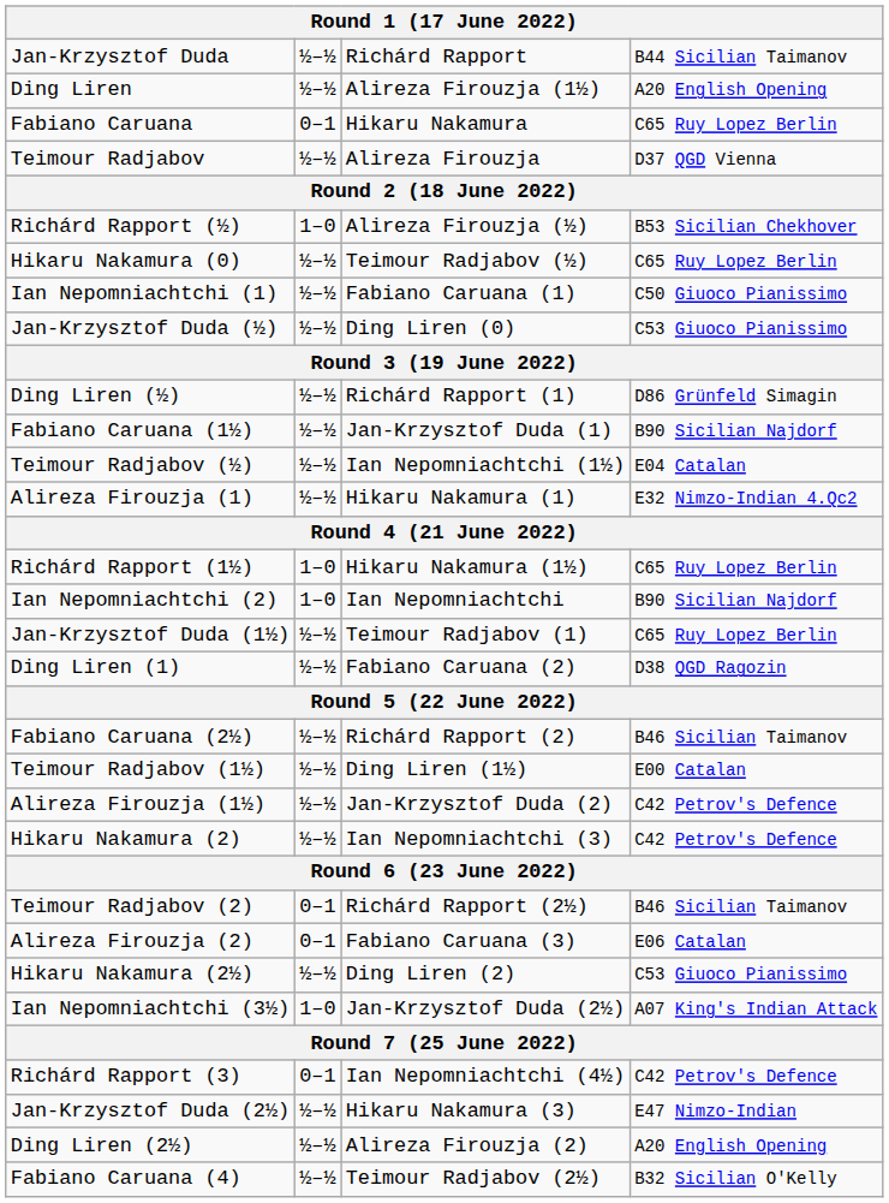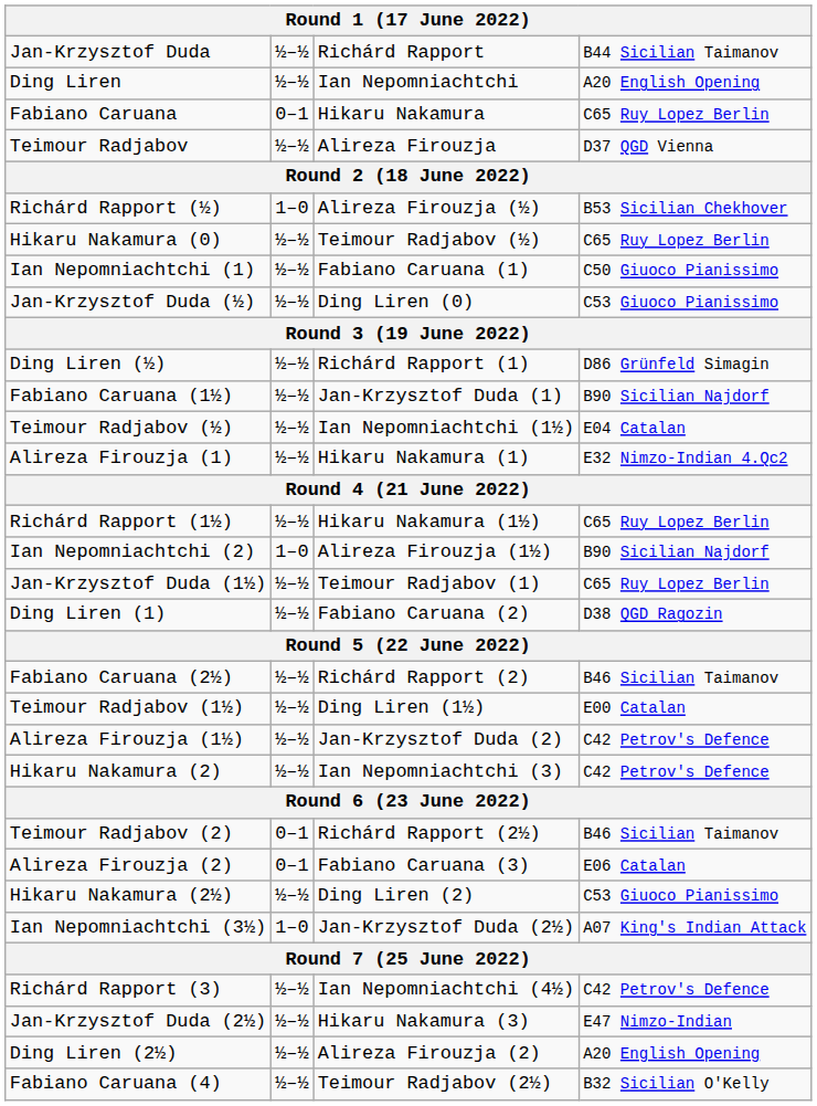 <table class="wikitable mw-collapsible" style="display:inline-table; font-size: 90%">
 <tr>
 <th colspan="4">Round 1 (17 June 2022)</th>
 </tr>
 <tr>
 <td>Jan-Krzysztof Duda</td>
 <td>½–½</td>
 <td>Richárd Rapport</td>
 <td><small>B44 <a href='#'>Sicilian</a> Taimanov</small></td>
 </tr>
 <tr>
 <td>Ding Liren</td>
 <td>½–½</td>
-<td>Alireza Firouzja (1½)</td>
+<td>Ian Nepomniachtchi</td>
 <td><small>A20 <a href='#'>English Opening</a></small></td>
 </tr>
 <tr>
 <td>Fabiano Caruana</td>
 <td>0–1</td>
 <td>Hikaru Nakamura</td>
 <td><small>C65 <a href='#'>Ruy Lopez Berlin</a></small></td>
 </tr>
 <tr>
 <td>Teimour Radjabov</td>
 <td>½–½</td>
 <td>Alireza Firouzja</td>
 <td><small>D37 <a href='#'>QGD</a> Vienna</small></td>
 </tr>
 <tr>
 <th colspan="4">Round 2 (18 June 2022)</th>
 </tr>
 <tr>
 <td>Richárd Rapport (½)</td>
 <td>1–0</td>
 <td>Alireza Firouzja (½)</td>
 <td><small>B53 <a href='#'>Sicilian Chekhover</a></small></td>
 </tr>
 <tr>
 <td>Hikaru Nakamura (0)</td>
 <td>½–½</td>
 <td>Teimour Radjabov (½)</td>
 <td><small>C65 <a href='#'>Ruy Lopez Berlin</a></small></td>
 </tr>
 <tr>
 <td>Ian Nepomniachtchi (1)</td>
 <td>½–½</td>
 <td>Fabiano Caruana (1)</td>
 <td><small>C50 <a href='#'>Giuoco Pianissimo</a></small></td>
 </tr>
 <tr>
 <td>Jan-Krzysztof Duda (½)</td>
 <td>½–½</td>
 <td>Ding Liren (0)</td>
 <td><small>C53 <a href='#'>Giuoco Pianissimo</a></small></td>
 </tr>
 <tr>
 <th colspan="4">Round 3 (19 June 2022)</th>
 </tr>
 <tr>
 <td>Ding Liren (½)</td>
 <td>½–½</td>
 <td>Richárd Rapport (1)</td>
 <td><small>D86 <a href='#'>Grünfeld</a> Simagin</small></td>
 </tr>
 <tr>
 <td>Fabiano Caruana (1½)</td>
 <td>½–½</td>
 <td>Jan-Krzysztof Duda (1)</td>
 <td><small>B90 <a href='#'>Sicilian Najdorf</a></small></td>
 </tr>
 <tr>
 <td>Teimour Radjabov (½)</td>
 <td>½–½</td>
 <td>Ian Nepomniachtchi (1½)</td>
 <td><small>E04 <a href='#'>Catalan</a></small></td>
 </tr>
 <tr>
 <td>Alireza Firouzja (1)</td>
 <td>½–½</td>
 <td>Hikaru Nakamura (1)</td>
 <td><small>E32 <a href='#'>Nimzo-Indian 4.Qc2</a></small></td>
 </tr>
 <tr>
 <th colspan="4">Round 4 (21 June 2022)</th>
 </tr>
 <tr>
 <td>Richárd Rapport (1½)</td>
-<td>1–0</td>
+<td>½–½</td>
 <td>Hikaru Nakamura (1½)</td>
 <td><small>C65 <a href='#'>Ruy Lopez Berlin</a></small></td>
 </tr>
 <tr>
 <td>Ian Nepomniachtchi (2)</td>
 <td>1–0</td>
-<td>Ian Nepomniachtchi</td>
+<td>Alireza Firouzja (1½)</td>
 <td><small>B90 <a href='#'>Sicilian Najdorf</a></small></td>
 </tr>
 <tr>
 <td>Jan-Krzysztof Duda (1½)</td>
 <td>½–½</td>
 <td>Teimour Radjabov (1)</td>
 <td><small>C65 <a href='#'>Ruy Lopez Berlin</a></small></td>
 </tr>
 <tr>
 <td>Ding Liren (1)</td>
 <td>½–½</td>
 <td>Fabiano Caruana (2)</td>
 <td><small>D38 <a href='#'>QGD Ragozin</a></small></td>
 </tr>
 <tr>
 <th colspan="4">Round 5 (22 June 2022)</th>
 </tr>
 <tr>
 <td>Fabiano Caruana (2½)</td>
 <td>½–½</td>
 <td>Richárd Rapport (2)</td>
 <td><small>B46 <a href='#'>Sicilian</a> Taimanov</small></td>
 </tr>
 <tr>
 <td>Teimour Radjabov (1½)</td>
 <td>½–½</td>
 <td>Ding Liren (1½)</td>
 <td><small>E00 <a href='#'>Catalan</a></small></td>
 </tr>
 <tr>
 <td>Alireza Firouzja (1½)</td>
 <td>½–½</td>
 <td>Jan-Krzysztof Duda (2)</td>
 <td><small>C42 <a href='#'>Petrov's Defence</a></small></td>
 </tr>
 <tr>
 <td>Hikaru Nakamura (2)</td>
 <td>½–½</td>
 <td>Ian Nepomniachtchi (3)</td>
 <td><small>C42 <a href='#'>Petrov's Defence</a></small></td>
 </tr>
 <tr>
 <th colspan="4">Round 6 (23 June 2022)</th>
 </tr>
 <tr>
 <td>Teimour Radjabov (2)</td>
 <td>0–1</td>
 <td>Richárd Rapport (2½)</td>
 <td><small>B46 <a href='#'>Sicilian</a> Taimanov</small></td>
 </tr>
 <tr>
 <td>Alireza Firouzja (2)</td>
 <td>0–1</td>
 <td>Fabiano Caruana (3)</td>
 <td><small>E06 <a href='#'>Catalan</a></small></td>
 </tr>
 <tr>
 <td>Hikaru Nakamura (2½)</td>
 <td>½–½</td>
 <td>Ding Liren (2)</td>
 <td><small>С53 <a href='#'>Giuoco Pianissimo</a></small></td>
 </tr>
 <tr>
 <td>Ian Nepomniachtchi (3½)</td>
 <td>1–0</td>
 <td>Jan-Krzysztof Duda (2½)</td>
 <td><small>A07 <a href='#'>King's Indian Attack</a></small></td>
 </tr>
 <tr>
 <th colspan="4">Round 7 (25 June 2022)</th>
 </tr>
 <tr>
 <td>Richárd Rapport (3)</td>
-<td>0–1</td>
+<td>½–½</td>
 <td>Ian Nepomniachtchi (4½)</td>
 <td><small>C42 <a href='#'>Petrov's Defence</a></small></td>
 </tr>
 <tr>
 <td>Jan-Krzysztof Duda (2½)</td>
 <td>½–½</td>
 <td>Hikaru Nakamura (3)</td>
 <td><small>E47 <a href='#'>Nimzo-Indian</a></small></td>
 </tr>
 <tr>
 <td>Ding Liren (2½)</td>
 <td>½–½</td>
 <td>Alireza Firouzja (2)</td>
 <td><small>A20 <a href='#'>English Opening</a></small></td>
 </tr>
 <tr>
 <td>Fabiano Caruana (4)</td>
 <td>½–½</td>
 <td>Teimour Radjabov (2½)</td>
 <td><small>B32 <a href='#'>Sicilian</a> O'Kelly</small></td>
 </tr>
 </table>
